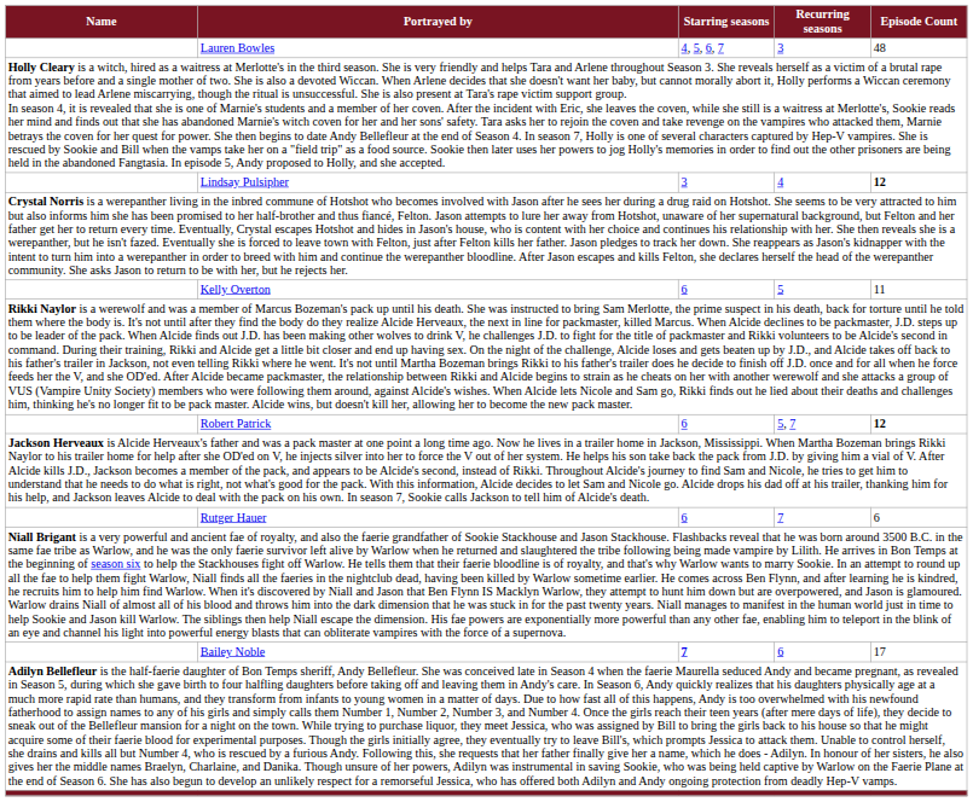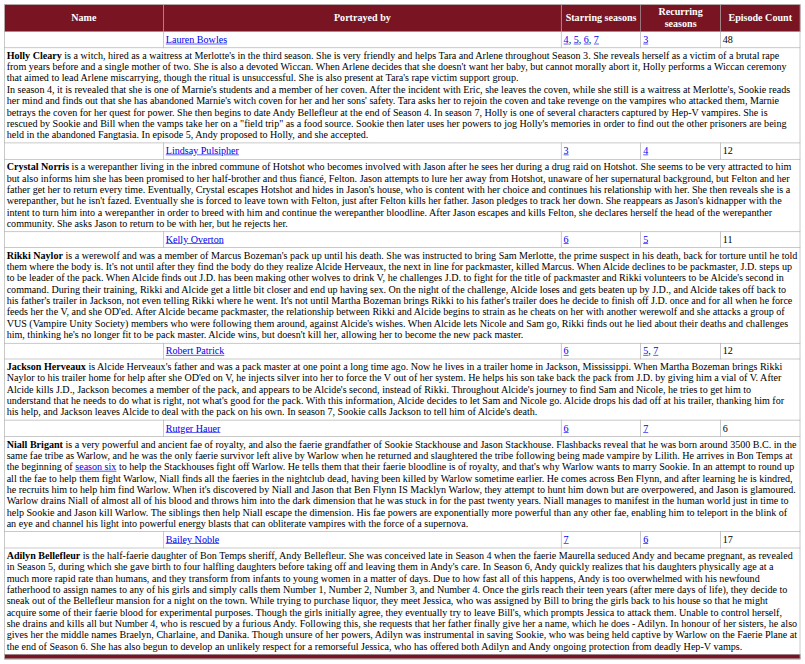 <table class="wikitable" style="width:100%; margin-right:auto; background: #FFFFFF;">
 <tr style="color:white">
 <th style="background-color:#791422; width:20%">Name</th>
 <th style="background-color:#791422; width:50%">Portrayed by</th>
 <th style="background-color:#791422; width:10%">Starring seasons</th>
 <th style="background-color:#791422; width:10%">Recurring seasons</th>
 <th style="background-color:#791422; width:10%">Episode Count</th>
 </tr>
 <tr>
 <td></td>
 <td><a href='#'>Lauren Bowles</a></td>
 <td><a href='#'>4</a>, <a href='#'>5</a>, <a href='#'>6</a>, <a href='#'>7</a></td>
 <td><a href='#'>3</a></td>
 <td>48</td>
 </tr>
 <tr>
 <td colspan="5"><strong>Holly Cleary</strong> is a witch, hired as a waitress at Merlotte's in the third season. She is very friendly and helps Tara and Arlene throughout Season 3. She reveals herself as a victim of a brutal rape from years before and a single mother of two. She is also a devoted Wiccan. When Arlene decides that she doesn't want her baby, but cannot morally abort it, Holly performs a Wiccan ceremony that aimed to lead Arlene miscarrying, though the ritual is unsuccessful. She is also present at Tara's rape victim support group.<br>In season 4, it is revealed that she is one of Marnie's students and a member of her coven. After the incident with Eric, she leaves the coven, while she still is a waitress at Merlotte's, Sookie reads her mind and finds out that she has abandoned Marnie's witch coven for her and her sons' safety. Tara asks her to rejoin the coven and take revenge on the vampires who attacked them, Marnie betrays the coven for her quest for power. She then begins to date Andy Bellefleur at the end of Season 4. In season 7, Holly is one of several characters captured by Hep-V vampires. She is rescued by Sookie and Bill when the vamps take her on a "field trip" as a food source. Sookie then later uses her powers to jog Holly's memories in order to find out the other prisoners are being held in the abandoned Fangtasia. In episode 5, Andy proposed to Holly, and she accepted.</td>
 </tr>
 <tr>
 <td></td>
 <td><a href='#'>Lindsay Pulsipher</a></td>
 <td><a href='#'>3</a></td>
 <td><a href='#'>4</a></td>
-<td><strong>12</strong></td>
+<td>12</td>
 </tr>
 <tr>
 <td colspan="5"><strong>Crystal Norris</strong> is a werepanther living in the inbred commune of Hotshot who becomes involved with Jason after he sees her during a drug raid on Hotshot. She seems to be very attracted to him but also informs him she has been promised to her half-brother and thus fiancé, Felton. Jason attempts to lure her away from Hotshot, unaware of her supernatural background, but Felton and her father get her to return every time. Eventually, Crystal escapes Hotshot and hides in Jason's house, who is content with her choice and continues his relationship with her. She then reveals she is a werepanther, but he isn't fazed. Eventually she is forced to leave town with Felton, just after Felton kills her father. Jason pledges to track her down. She reappears as Jason's kidnapper with the intent to turn him into a werepanther in order to breed with him and continue the werepanther bloodline. After Jason escapes and kills Felton, she declares herself the head of the werepanther community. She asks Jason to return to be with her, but he rejects her.</td>
 </tr>
 <tr>
 <td></td>
 <td><a href='#'>Kelly Overton</a></td>
 <td><a href='#'>6</a></td>
 <td><a href='#'>5</a></td>
 <td>11</td>
 </tr>
 <tr>
 <td colspan="5"><strong>Rikki Naylor</strong> is a werewolf and was a member of Marcus Bozeman's pack up until his death. She was instructed to bring Sam Merlotte, the prime suspect in his death, back for torture until he told them where the body is. It's not until after they find the body do they realize Alcide Herveaux, the next in line for packmaster, killed Marcus. When Alcide declines to be packmaster, J.D. steps up to be leader of the pack. When Alcide finds out J.D. has been making other wolves to drink V, he challenges J.D. to fight for the title of packmaster and Rikki volunteers to be Alcide's second in command. During their training, Rikki and Alcide get a little bit closer and end up having sex. On the night of the challenge, Alcide loses and gets beaten up by J.D., and Alcide takes off back to his father's trailer in Jackson, not even telling Rikki where he went. It's not until Martha Bozeman brings Rikki to his father's trailer does he decide to finish off J.D. once and for all when he force feeds her the V, and she OD'ed. After Alcide became packmaster, the relationship between Rikki and Alcide begins to strain as he cheats on her with another werewolf and she attacks a group of VUS (Vampire Unity Society) members who were following them around, against Alcide's wishes. When Alcide lets Nicole and Sam go, Rikki finds out he lied about their deaths and challenges him, thinking he's no longer fit to be pack master. Alcide wins, but doesn't kill her, allowing her to become the new pack master.</td>
 </tr>
 <tr>
 <td></td>
 <td><a href='#'>Robert Patrick</a></td>
 <td><a href='#'>6</a></td>
 <td><a href='#'>5</a>, <a href='#'>7</a></td>
-<td><strong>12</strong></td>
+<td>12</td>
 </tr>
 <tr>
 <td colspan="5"><strong>Jackson Herveaux</strong> is Alcide Herveaux's father and was a pack master at one point a long time ago. Now he lives in a trailer home in Jackson, Mississippi. When Martha Bozeman brings Rikki Naylor to his trailer home for help after she OD'ed on V, he injects silver into her to force the V out of her system. He helps his son take back the pack from J.D. by giving him a vial of V. After Alcide kills J.D., Jackson becomes a member of the pack, and appears to be Alcide's second, instead of Rikki. Throughout Alcide's journey to find Sam and Nicole, he tries to get him to understand that he needs to do what is right, not what's good for the pack. With this information, Alcide decides to let Sam and Nicole go. Alcide drops his dad off at his trailer, thanking him for his help, and Jackson leaves Alcide to deal with the pack on his own. In season 7, Sookie calls Jackson to tell him of Alcide's death.</td>
 </tr>
 <tr>
 <td></td>
 <td><a href='#'>Rutger Hauer</a></td>
 <td><a href='#'>6</a></td>
 <td><a href='#'>7</a></td>
 <td>6</td>
 </tr>
 <tr>
 <td colspan="5"><strong>Niall Brigant</strong> is a very powerful and ancient fae of royalty, and also the faerie grandfather of Sookie Stackhouse and Jason Stackhouse. Flashbacks reveal that he was born around 3500 B.C. in the same fae tribe as Warlow, and he was the only faerie survivor left alive by Warlow when he returned and slaughtered the tribe following being made vampire by Lilith. He arrives in Bon Temps at the beginning of <a href='#'>season six</a> to help the Stackhouses fight off Warlow. He tells them that their faerie bloodline is of royalty, and that's why Warlow wants to marry Sookie. In an attempt to round up all the fae to help them fight Warlow, Niall finds all the faeries in the nightclub dead, having been killed by Warlow sometime earlier. He comes across Ben Flynn, and after learning he is kindred, he recruits him to help him find Warlow. When it's discovered by Niall and Jason that Ben Flynn IS Macklyn Warlow, they attempt to hunt him down but are overpowered, and Jason is glamoured. Warlow drains Niall of almost all of his blood and throws him into the dark dimension that he was stuck in for the past twenty years. Niall manages to manifest in the human world just in time to help Sookie and Jason kill Warlow. The siblings then help Niall escape the dimension. His fae powers are exponentially more powerful than any other fae, enabling him to teleport in the blink of an eye and channel his light into powerful energy blasts that can obliterate vampires with the force of a supernova.</td>
 </tr>
 <tr>
 <td></td>
 <td><a href='#'>Bailey Noble</a></td>
-<td><strong><a href='#'>7</a></strong></td>
+<td><a href='#'>7</a></td>
 <td><a href='#'>6</a></td>
 <td>17</td>
 </tr>
 <tr>
 <td colspan="5"><strong>Adilyn Bellefleur</strong> is the half-faerie daughter of Bon Temps sheriff, Andy Bellefleur. She was conceived late in Season 4 when the faerie Maurella seduced Andy and became pregnant, as revealed in Season 5, during which she gave birth to four halfling daughters before taking off and leaving them in Andy's care. In Season 6, Andy quickly realizes that his daughters physically age at a much more rapid rate than humans, and they transform from infants to young women in a matter of days. Due to how fast all of this happens, Andy is too overwhelmed with his newfound fatherhood to assign names to any of his girls and simply calls them Number 1, Number 2, Number 3, and Number 4. Once the girls reach their teen years (after mere days of life), they decide to sneak out of the Bellefleur mansion for a night on the town. While trying to purchase liquor, they meet Jessica, who was assigned by Bill to bring the girls back to his house so that he might acquire some of their faerie blood for experimental purposes. Though the girls initially agree, they eventually try to leave Bill's, which prompts Jessica to attack them. Unable to control herself, she drains and kills all but Number 4, who is rescued by a furious Andy. Following this, she requests that her father finally give her a name, which he does - Adilyn. In honour of her sisters, he also gives her the middle names Braelyn, Charlaine, and Danika. Though unsure of her powers, Adilyn was instrumental in saving Sookie, who was being held captive by Warlow on the Faerie Plane at the end of Season 6. She has also begun to develop an unlikely respect for a remorseful Jessica, who has offered both Adilyn and Andy ongoing protection from deadly Hep-V vamps.</td>
 </tr>
 <tr>
 <td colspan="5" bgcolor="#791422"></td>
 </tr>
 <tr>
 </tr>
 </table>
